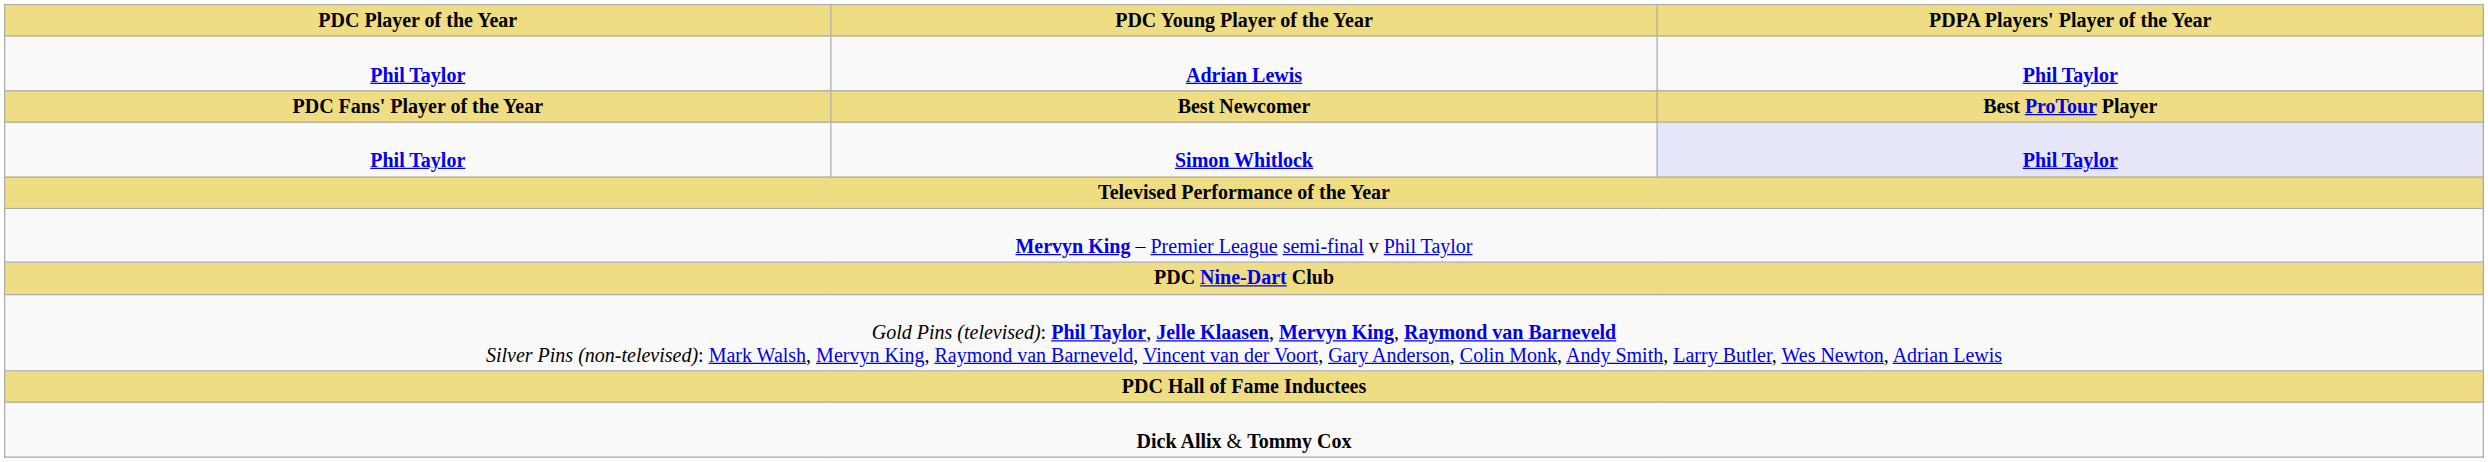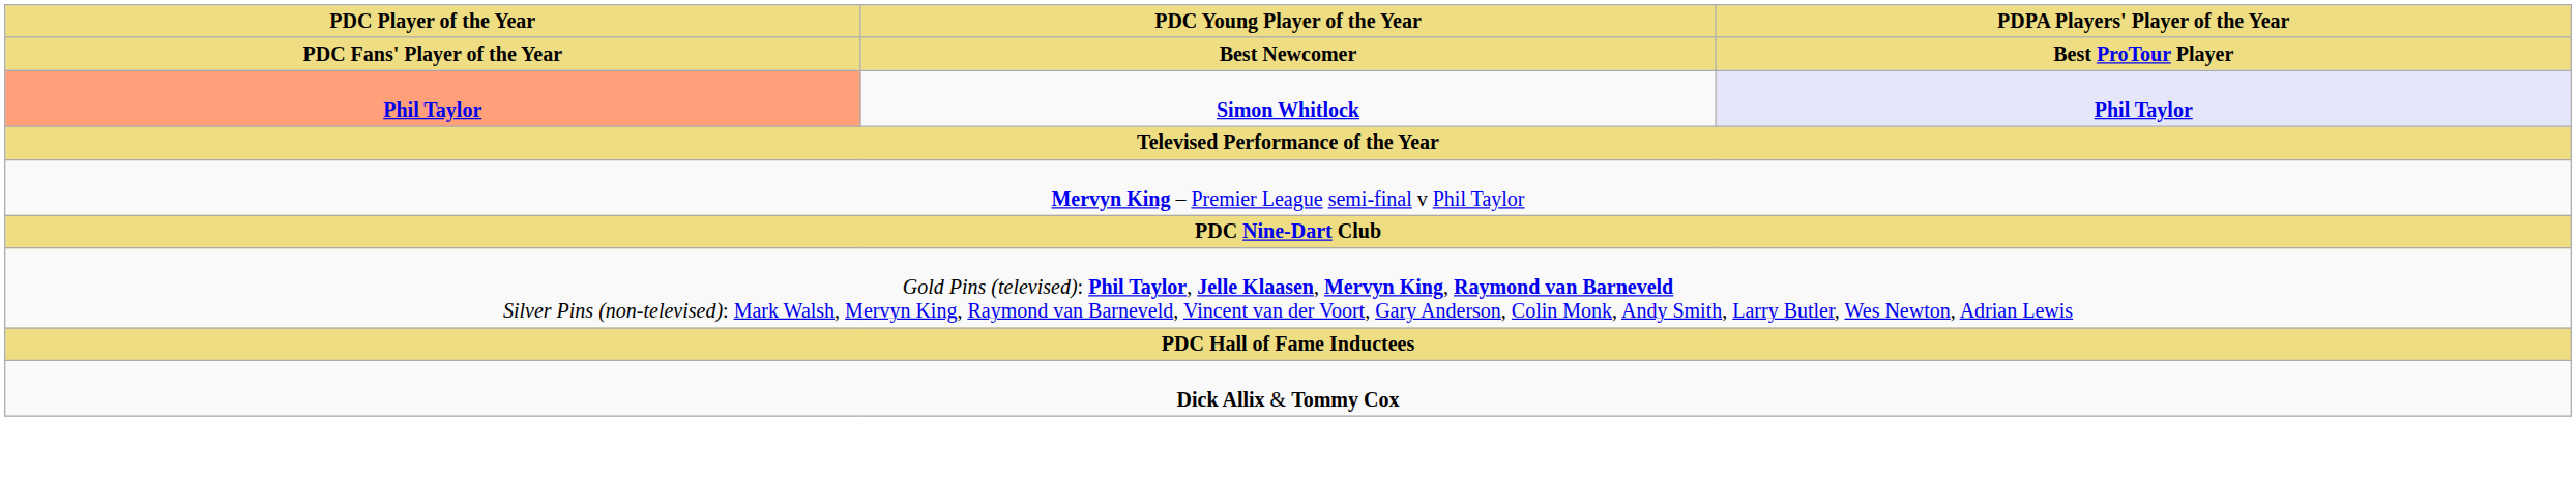 <table class="wikitable" style="width:100%; text-align:center">
 <tr>
 <th style="background:#EEDD82; width:33.33%">PDC Player of the Year</th>
 <th style="background:#EEDD82; width:33.33%">PDC Young Player of the Year</th>
 <th style="background:#EEDD82; width:33.33%">PDPA Players' Player of the Year</th>
 </tr>
 <tr>
-<td><br><strong><a href='#'>Phil Taylor</a></strong></td>
-<td><br><strong><a href='#'>Adrian Lewis</a></strong></td>
-<td><br><strong><a href='#'>Phil Taylor</a></strong></td>
-</tr>
-<tr>
 <th style="background:#EEDD82;">PDC Fans' Player of the Year</th>
 <th style="background:#EEDD82;">Best Newcomer</th>
 <th style="background:#EEDD82;">Best <a href='#'>ProTour</a> Player</th>
 </tr>
 <tr>
-<td><br><strong><a href='#'>Phil Taylor</a></strong></td>
+<td style="background: lightsalmon;"><br><strong><a href='#'>Phil Taylor</a></strong></td>
 <td><br><strong><a href='#'>Simon Whitlock</a></strong></td>
 <td style="background: lavender;"><br><strong><a href='#'>Phil Taylor</a></strong></td>
 </tr>
 <tr>
 <th colspan=3 style="background:#EEDD82;">Televised Performance of the Year</th>
 </tr>
 <tr>
 <td colspan=3><br><strong><a href='#'>Mervyn King</a></strong> – <a href='#'>Premier League</a> <a href='#'>semi-final</a> v <a href='#'>Phil Taylor</a></td>
 </tr>
 <tr>
 <th colspan=3 style="background:#EEDD82;">PDC <a href='#'>Nine-Dart</a> Club</th>
 </tr>
 <tr>
 <td colspan=3><br><em>Gold Pins (televised)</em>: <strong><a href='#'>Phil Taylor</a></strong>, <strong><a href='#'>Jelle Klaasen</a></strong>, <strong><a href='#'>Mervyn King</a></strong>, <strong><a href='#'>Raymond van Barneveld</a></strong><br><em>Silver Pins (non-televised)</em>: <a href='#'>Mark Walsh</a>, <a href='#'>Mervyn King</a>, <a href='#'>Raymond van Barneveld</a>, <a href='#'>Vincent van der Voort</a>, <a href='#'>Gary Anderson</a>, <a href='#'>Colin Monk</a>, <a href='#'>Andy Smith</a>, <a href='#'>Larry Butler</a>, <a href='#'>Wes Newton</a>, <a href='#'>Adrian Lewis</a></td>
 </tr>
 <tr>
 <th colspan=3 style="background:#EEDD82;">PDC Hall of Fame Inductees</th>
 </tr>
 <tr>
 <td colspan="3" style="text-align:center;"><br><strong>Dick Allix</strong> & <strong>Tommy Cox</strong></td>
 </tr>
 </table>
